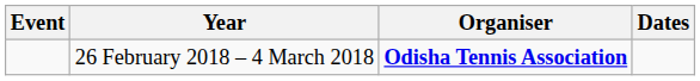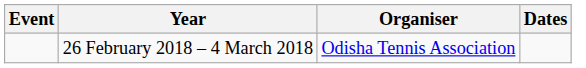 <table class="wikitable sortable">
 <tr>
 <th>Event</th>
 <th>Year</th>
 <th>Organiser</th>
 <th>Dates</th>
 </tr>
 <tr>
 <td></td>
 <td>26 February 2018 – 4 March 2018</td>
-<td><strong><a href='#'>Odisha Tennis Association</a></strong></td>
+<td><a href='#'>Odisha Tennis Association</a></td>
 </tr>
 </table>
